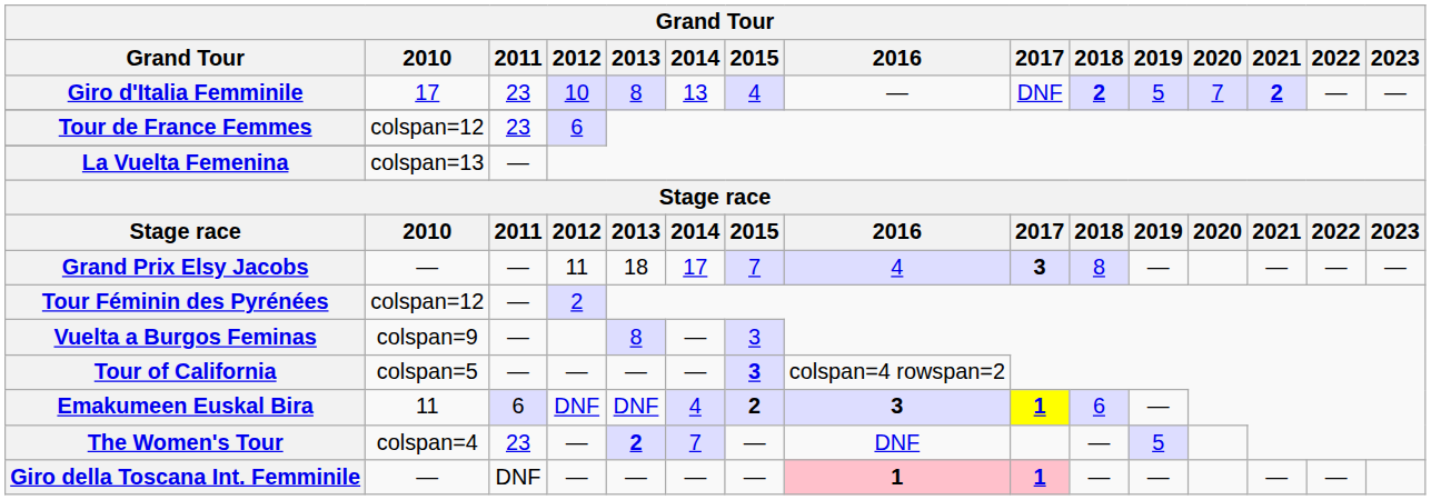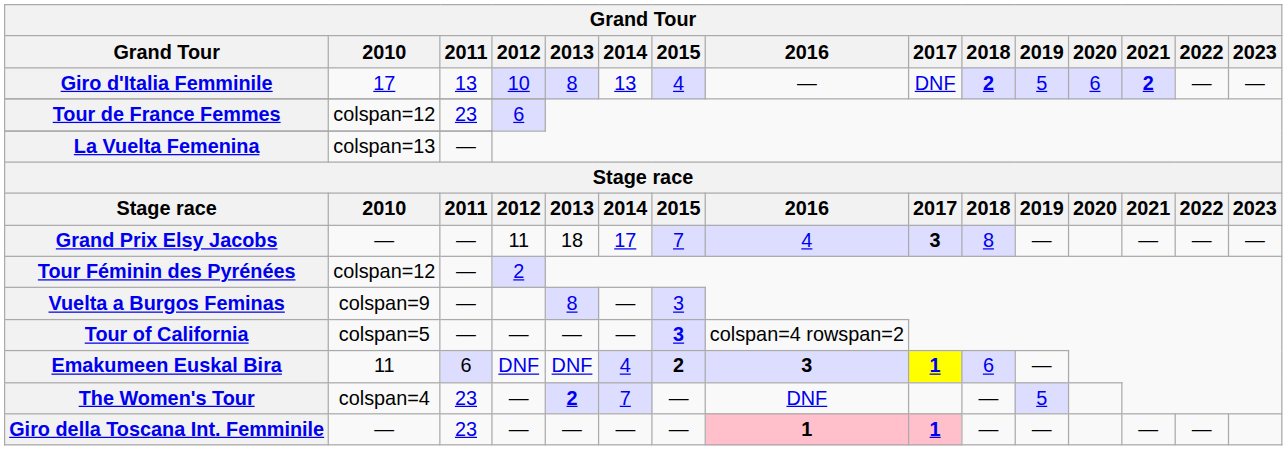 <table class="wikitable plainrowheaders">
 <tr style="background:#eee;">
 <th colspan=15>Grand Tour</th>
 </tr>
 <tr>
 <th scope="col">Grand Tour</th>
 <th scope="col">2010</th>
 <th scope="col">2011</th>
 <th scope="col">2012</th>
 <th scope="col">2013</th>
 <th scope="col">2014</th>
 <th scope="col">2015</th>
 <th scope="col">2016</th>
 <th scope="col">2017</th>
 <th scope="col">2018</th>
 <th scope="col">2019</th>
 <th scope="col">2020</th>
 <th scope="col">2021</th>
 <th scope="col">2022</th>
 <th scope="col">2023</th>
 </tr>
 <tr style="text-align:center;">
 <th scope="row"><a href='#'>Giro d'Italia Femminile</a></th>
 <td><a href='#'>17</a></td>
-<td><a href='#'>23</a></td>
+<td><a href='#'>13</a></td>
 <td style="background:#ddf;"><a href='#'>10</a></td>
 <td style="background:#ddf;"><a href='#'>8</a></td>
 <td><a href='#'>13</a></td>
 <td style="background:#ddf;"><a href='#'>4</a></td>
 <td>—</td>
 <td><a href='#'>DNF</a></td>
 <th style="background:#ddf;"><a href='#'>2</a></th>
 <td style="background:#ddf;"><a href='#'>5</a></td>
-<td style="background:#ddf;"><a href='#'>7</a></td>
+<td style="background:#ddf;"><a href='#'>6</a></td>
 <th style="background:#ddf;"><a href='#'>2</a></th>
 <td>—</td>
 <td>—</td>
 </tr>
 <tr style="background:#eee;">
 </tr>
 <tr style="text-align:center;">
 <th scope="row"><a href='#'>Tour de France Femmes</a></th>
 <td>colspan=12 </td>
 <td><a href='#'>23</a></td>
 <td style="background:#ddf;"><a href='#'>6</a></td>
 </tr>
 <tr style="background:#eee;">
 </tr>
 <tr style="text-align:center;">
 <th scope="row"><a href='#'>La Vuelta Femenina</a></th>
 <td>colspan=13 </td>
 <td>—</td>
 </tr>
 <tr style="background:#eee;">
 <th colspan=15>Stage race</th>
 </tr>
 <tr>
 <th scope="col">Stage race</th>
 <th scope="col">2010</th>
 <th scope="col">2011</th>
 <th scope="col">2012</th>
 <th scope="col">2013</th>
 <th scope="col">2014</th>
 <th scope="col">2015</th>
 <th scope="col">2016</th>
 <th scope="col">2017</th>
 <th scope="col">2018</th>
 <th scope="col">2019</th>
 <th scope="col">2020</th>
 <th scope="col">2021</th>
 <th scope="col">2022</th>
 <th scope="col">2023</th>
 </tr>
 <tr style="text-align:center;">
 <th scope="row"><a href='#'>Grand Prix Elsy Jacobs</a></th>
 <td>—</td>
 <td>—</td>
 <td>11</td>
 <td>18</td>
 <td><a href='#'>17</a></td>
 <td style="background:#ddf;"><a href='#'>7</a></td>
 <td style="background:#ddf;"><a href='#'>4</a></td>
 <td style="background:#ddf;"><strong>3</strong></td>
 <td style="background:#ddf;"><a href='#'>8</a></td>
 <td>—</td>
 <td></td>
 <td>—</td>
 <td>—</td>
 <td>—</td>
 </tr>
 <tr style="text-align:center;">
 <th scope="row"><a href='#'>Tour Féminin des Pyrénées</a></th>
 <td>colspan=12 </td>
 <td>—</td>
 <td style="background:#ddf;"><a href='#'>2</a></td>
 </tr>
 <tr style="text-align:center;">
 <th scope="row"><a href='#'>Vuelta a Burgos Feminas</a></th>
 <td>colspan=9 </td>
 <td>—</td>
 <td></td>
 <td style="background:#ddf;"><a href='#'>8</a></td>
 <td>—</td>
 <td style="background:#ddf;"><a href='#'>3</a></td>
 </tr>
 <tr style="text-align:center;">
 <th scope="row"><a href='#'>Tour of California</a></th>
 <td>colspan=5 </td>
 <td>—</td>
 <td>—</td>
 <td>—</td>
 <td>—</td>
 <td style="background:#ddf;"><a href='#'><strong>3</strong></a></td>
 <td>colspan=4 rowspan=2 </td>
 </tr>
 <tr style="text-align:center;">
 <th scope="row"><a href='#'>Emakumeen Euskal Bira</a></th>
 <td>11</td>
 <td style="background:#ddf;">6</td>
 <td><a href='#'>DNF</a></td>
 <td><a href='#'>DNF</a></td>
 <td style="background:#ddf;"><a href='#'>4</a></td>
 <td style="background:#ddf;"><strong>2</strong></td>
 <td style="background:#ddf;"><strong>3</strong></td>
 <td style="background:yellow;"><a href='#'><strong>1</strong></a></td>
 <td style="background:#ddf;"><a href='#'>6</a></td>
 <td>—</td>
 </tr>
 <tr style="text-align:center;">
 <th scope="row"><a href='#'>The Women's Tour</a></th>
 <td>colspan=4 </td>
 <td><a href='#'>23</a></td>
 <td>—</td>
 <td style="background:#ddf;"><a href='#'><strong>2</strong></a></td>
 <td style="background:#ddf;"><a href='#'>7</a></td>
 <td>—</td>
 <td><a href='#'>DNF</a></td>
 <td></td>
 <td>—</td>
 <td style="background:#ddf;"><a href='#'>5</a></td>
 <td></td>
 </tr>
 <tr style="text-align:center;">
 <th scope="row"><a href='#'>Giro della Toscana Int. Femminile</a></th>
 <td>—</td>
-<td>DNF</td>
+<td><a href='#'>23</a></td>
 <td>—</td>
 <td>—</td>
 <td>—</td>
 <td>—</td>
 <td style="background:pink;"><strong>1</strong></td>
 <td style="background:pink;"><a href='#'><strong>1</strong></a></td>
 <td>—</td>
 <td>—</td>
 <td></td>
 <td>—</td>
 <td>—</td>
 <td></td>
 </tr>
 </table>
